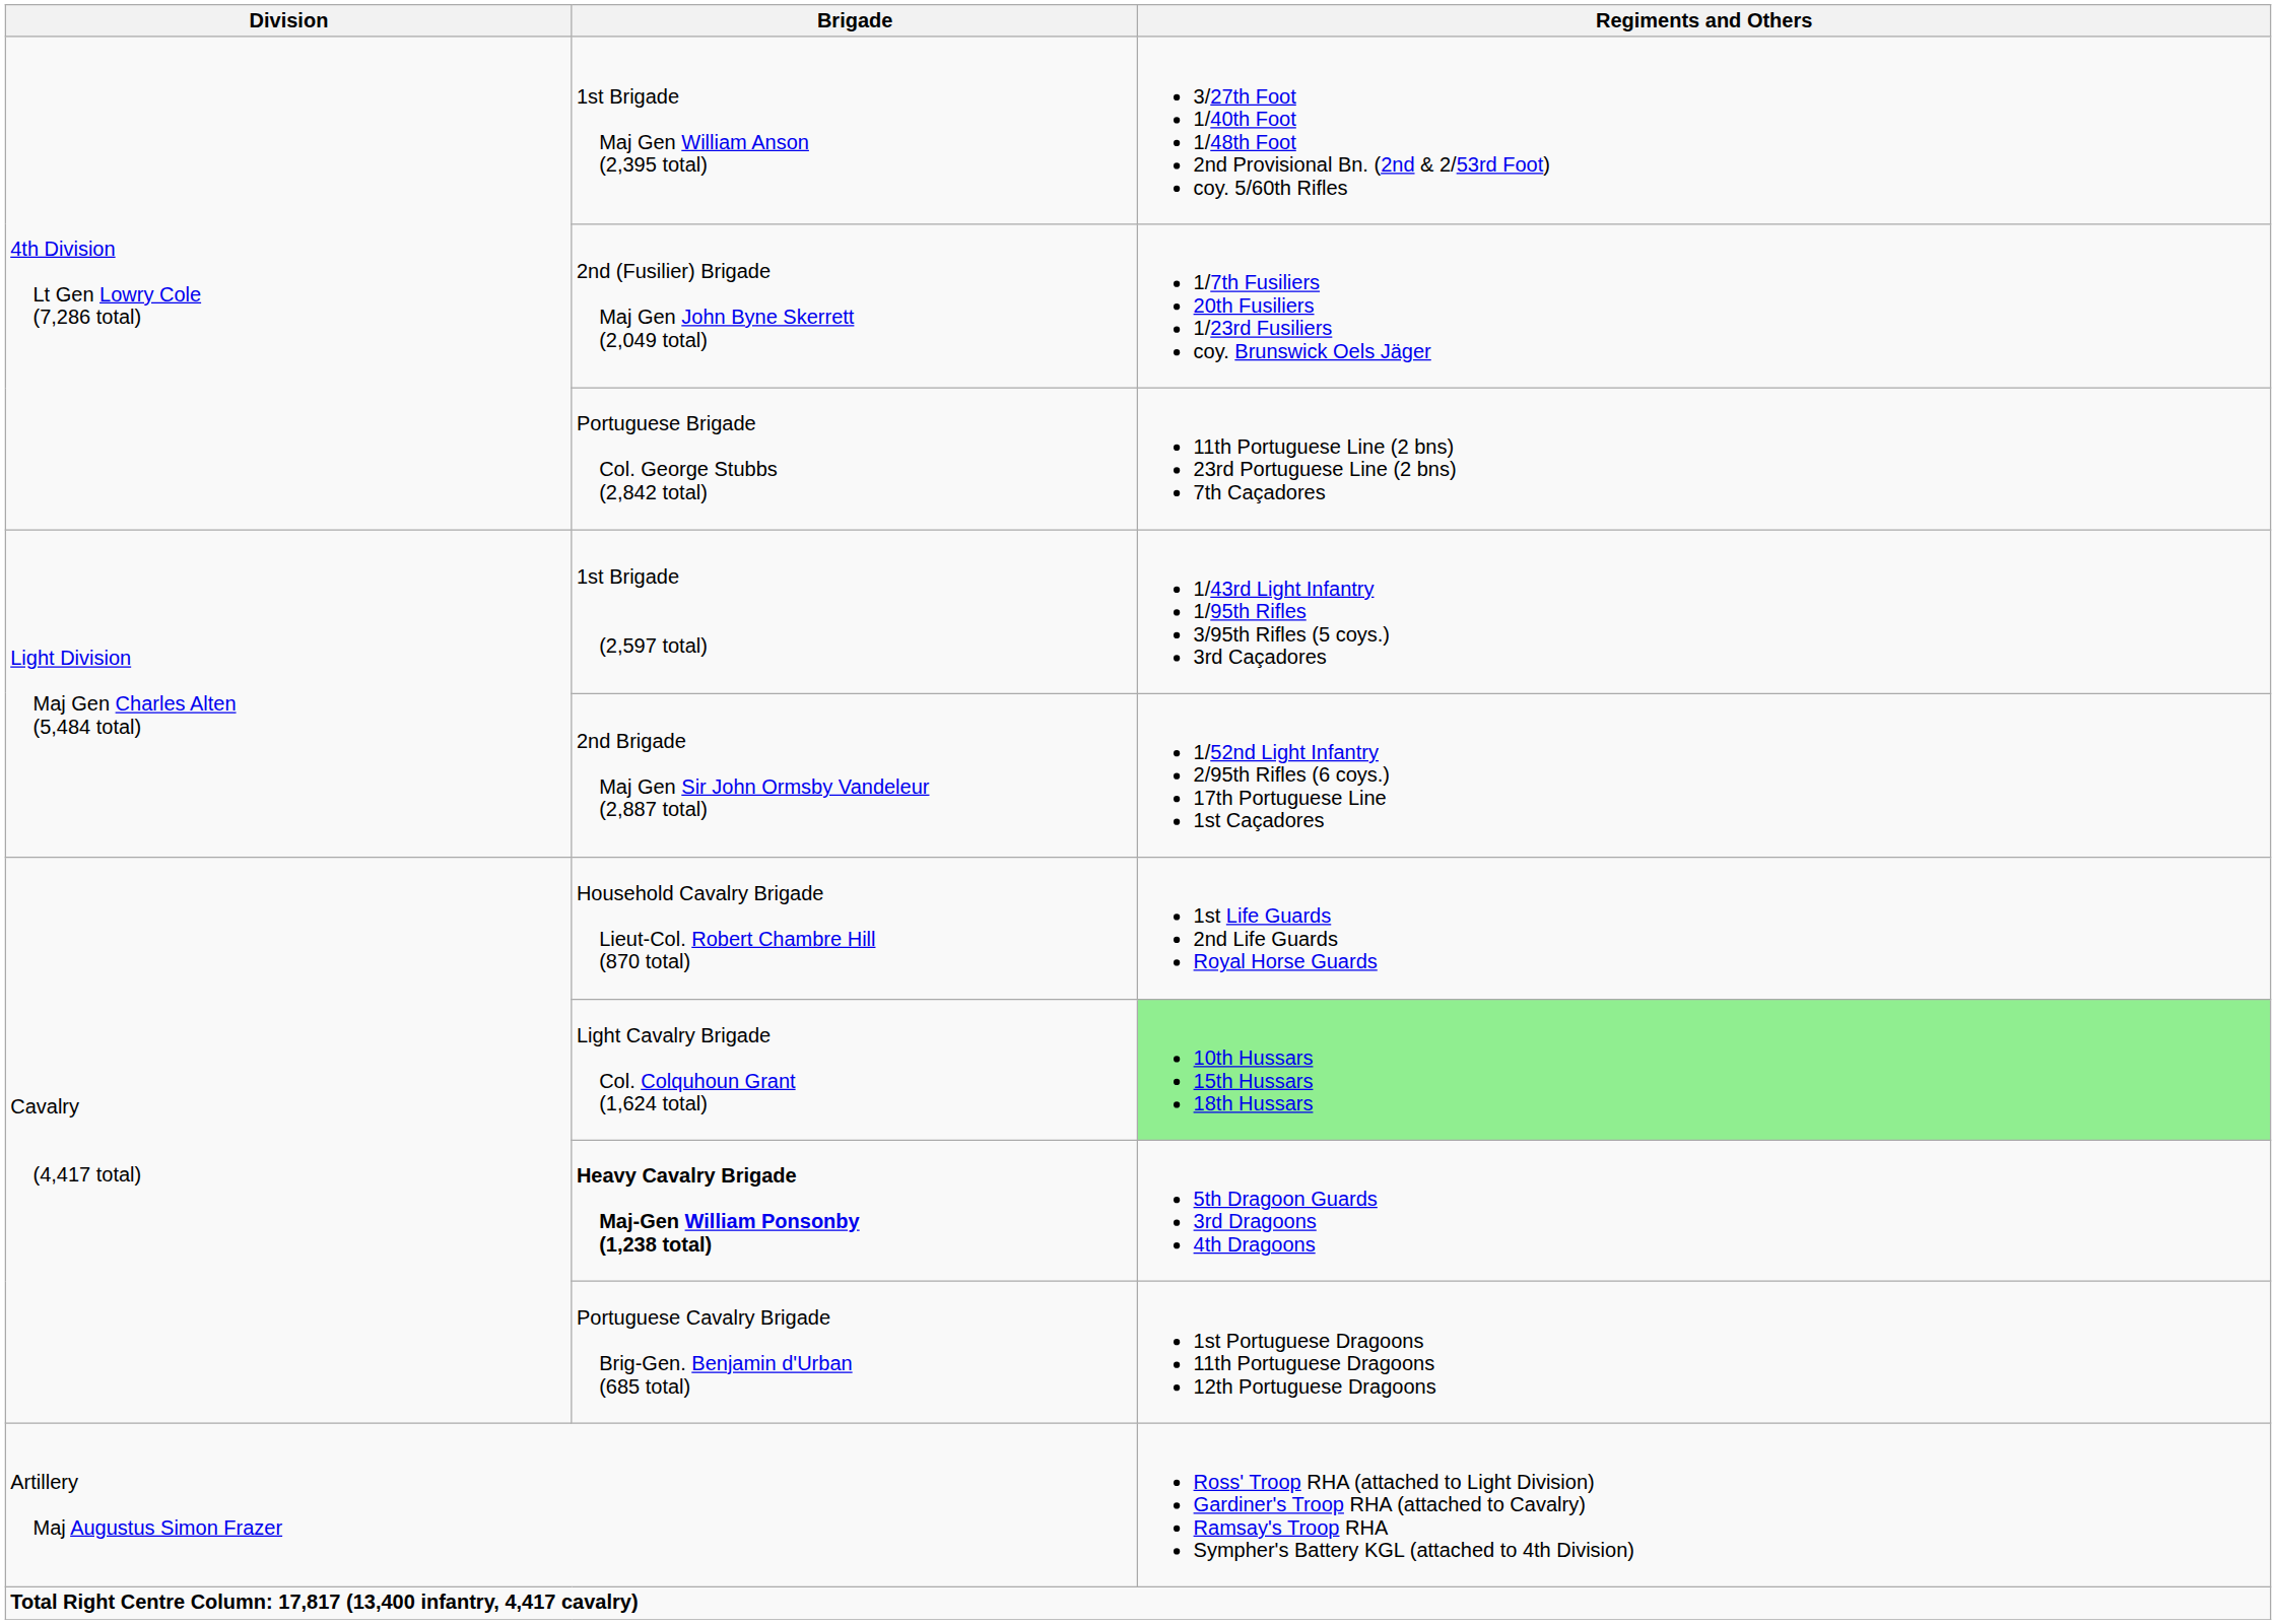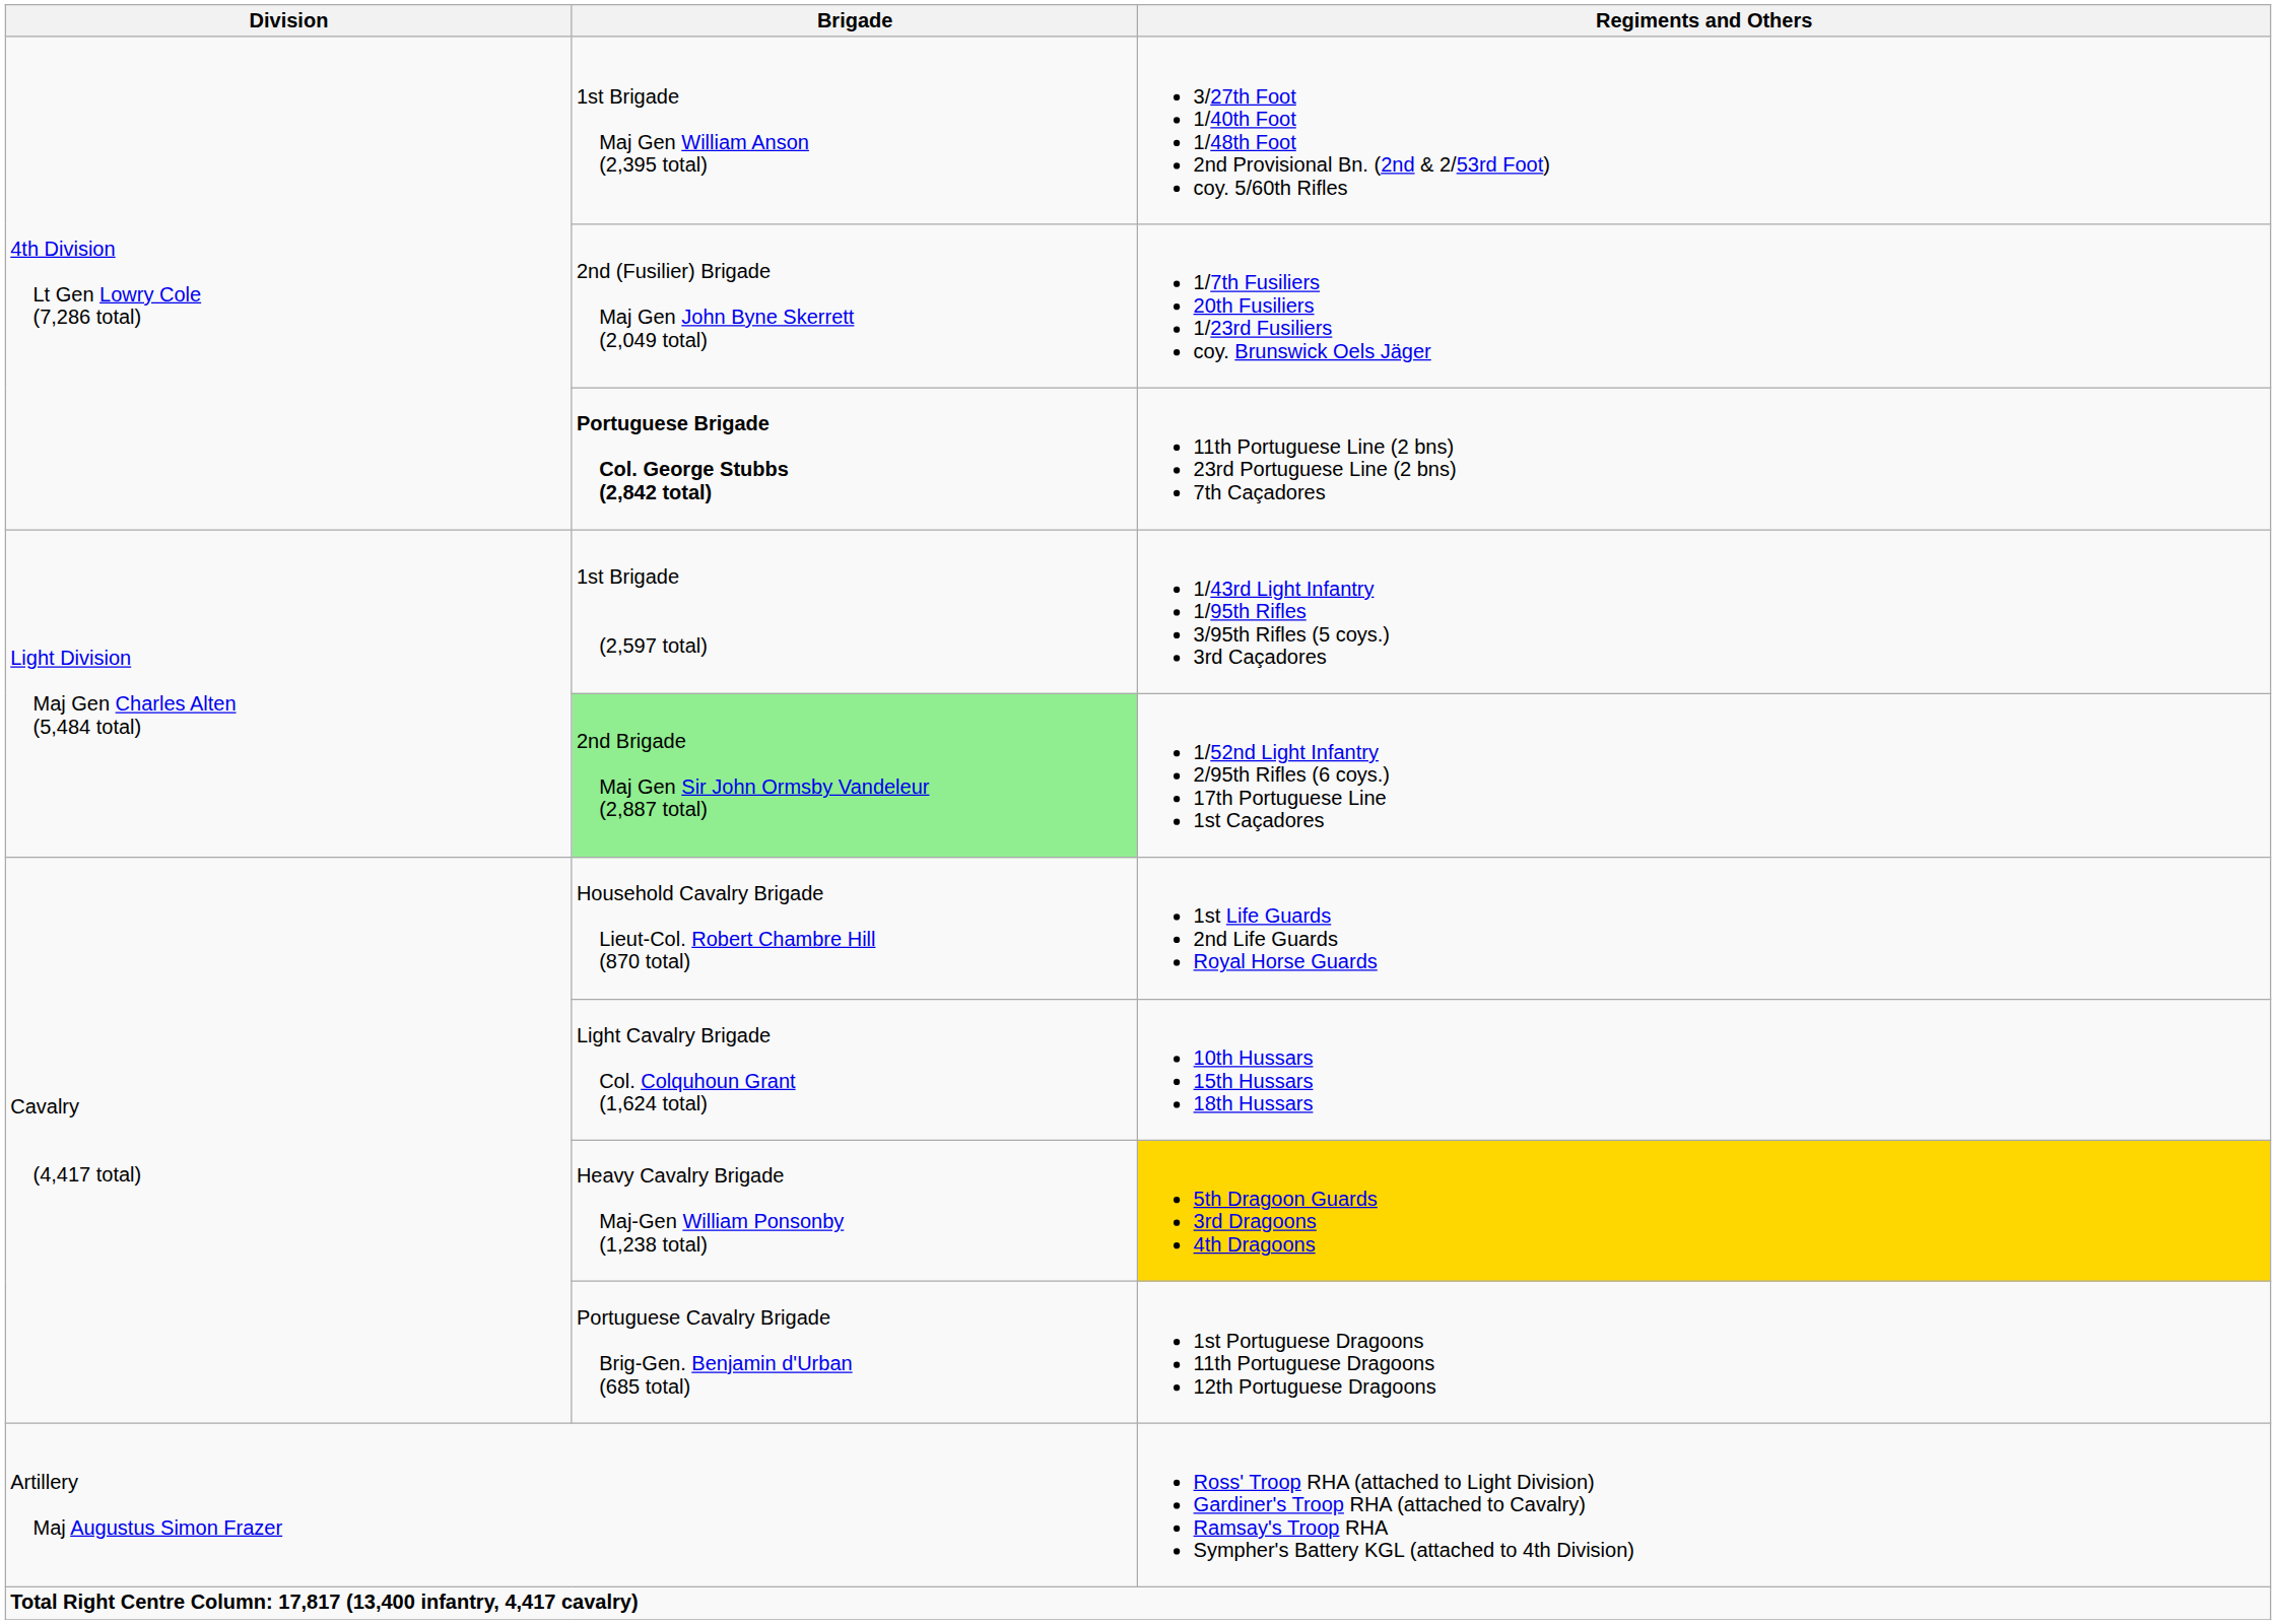 <table class="wikitable" width="90%" style="margin: 1em auto 1em auto">
 <tr>
 <th style="width:25%;">Division</th>
 <th style="width:25%;">Brigade</th>
 <th>Regiments and Others</th>
 </tr>
 <tr>
 <td rowspan=3><a href='#'>4th Division</a><br><br>    Lt Gen <a href='#'>Lowry Cole</a> <br>    (7,286 total)</td>
 <td>1st Brigade<br><br>    Maj Gen <a href='#'>William Anson</a> <br>    (2,395 total)</td>
 <td><br><ul><li>3/<a href='#'>27th Foot</a></li><li>1/<a href='#'>40th Foot</a></li><li>1/<a href='#'>48th Foot</a></li><li>2nd Provisional Bn. (<a href='#'>2nd</a> & 2/<a href='#'>53rd Foot</a>)</li><li>coy. 5/60th Rifles</li></ul></td>
 </tr>
 <tr>
 <td>2nd (Fusilier) Brigade<br><br>    Maj Gen <a href='#'>John Byne Skerrett</a> <br>    (2,049 total)</td>
 <td><br><ul><li>1/<a href='#'>7th Fusiliers</a></li><li><a href='#'>20th Fusiliers</a></li><li>1/<a href='#'>23rd Fusiliers</a></li><li>coy. <a href='#'>Brunswick Oels Jäger</a></li></ul></td>
 </tr>
 <tr>
-<td>Portuguese Brigade<br><br>    Col. George Stubbs <br>    (2,842 total)</td>
+<td><strong>Portuguese Brigade<br><br>    Col. George Stubbs <br>    (2,842 total)</strong></td>
 <td><br><ul><li>11th Portuguese Line (2 bns)</li><li>23rd Portuguese Line (2 bns)</li><li>7th Caçadores</li></ul></td>
 </tr>
 <tr>
 <td rowspan=2><a href='#'>Light Division</a><br><br>    Maj Gen <a href='#'>Charles Alten</a> <br>    (5,484 total)</td>
 <td>1st Brigade<br><br>     <br>    (2,597 total)</td>
 <td><br><ul><li>1/<a href='#'>43rd Light Infantry</a></li><li>1/<a href='#'>95th Rifles</a></li><li>3/95th Rifles (5 coys.)</li><li>3rd Caçadores</li></ul></td>
 </tr>
 <tr>
-<td>2nd Brigade<br><br>    Maj Gen <a href='#'>Sir John Ormsby Vandeleur</a> <br>    (2,887 total)</td>
+<td style="background: lightgreen;">2nd Brigade<br><br>    Maj Gen <a href='#'>Sir John Ormsby Vandeleur</a> <br>    (2,887 total)</td>
 <td><br><ul><li>1/<a href='#'>52nd Light Infantry</a></li><li>2/95th Rifles (6 coys.)</li><li>17th Portuguese Line</li><li>1st Caçadores</li></ul></td>
 </tr>
 <tr>
 <td rowspan=4>Cavalry<br><br>     <br>    (4,417 total)</td>
 <td>Household Cavalry Brigade<br><br>    Lieut-Col. <a href='#'>Robert Chambre Hill</a> <br>    (870 total)</td>
 <td><br><ul><li>1st <a href='#'>Life Guards</a></li><li>2nd Life Guards</li><li><a href='#'>Royal Horse Guards</a></li></ul></td>
 </tr>
 <tr>
 <td>Light Cavalry Brigade<br><br>    Col. <a href='#'>Colquhoun Grant</a> <br>    (1,624 total)</td>
-<td style="background: lightgreen;"><br><ul><li><a href='#'>10th Hussars</a></li><li><a href='#'>15th Hussars</a></li><li><a href='#'>18th Hussars</a></li></ul></td>
+<td><br><ul><li><a href='#'>10th Hussars</a></li><li><a href='#'>15th Hussars</a></li><li><a href='#'>18th Hussars</a></li></ul></td>
 </tr>
 <tr>
-<td><strong>Heavy Cavalry Brigade<br><br>    Maj-Gen <a href='#'>William Ponsonby</a> <br>    (1,238 total)</strong></td>
-<td><br><ul><li><a href='#'>5th Dragoon Guards</a></li><li><a href='#'>3rd Dragoons</a></li><li><a href='#'>4th Dragoons</a></li></ul></td>
+<td>Heavy Cavalry Brigade<br><br>    Maj-Gen <a href='#'>William Ponsonby</a> <br>    (1,238 total)</td>
+<td style="background: gold;"><br><ul><li><a href='#'>5th Dragoon Guards</a></li><li><a href='#'>3rd Dragoons</a></li><li><a href='#'>4th Dragoons</a></li></ul></td>
 </tr>
 <tr>
 <td>Portuguese Cavalry Brigade<br><br>    Brig-Gen. <a href='#'>Benjamin d'Urban</a> <br>    (685 total)</td>
 <td><br><ul><li>1st Portuguese Dragoons</li><li>11th Portuguese Dragoons</li><li>12th Portuguese Dragoons</li></ul></td>
 </tr>
 <tr>
 <td colspan=2>Artillery<br><br>    Maj <a href='#'>Augustus Simon Frazer</a></td>
 <td><br><ul><li><a href='#'>Ross' Troop</a> RHA (attached to Light Division)</li><li><a href='#'>Gardiner's Troop</a> RHA (attached to Cavalry)</li><li><a href='#'>Ramsay's Troop</a> RHA</li><li>Sympher's Battery KGL (attached to 4th Division)</li></ul></td>
 </tr>
 <tr>
 <td colspan=3><strong>Total Right Centre Column: 17,817 (13,400 infantry, 4,417 cavalry)</strong></td>
 </tr>
 </table>
